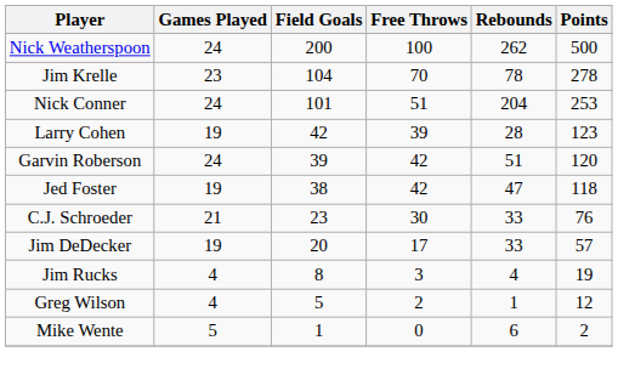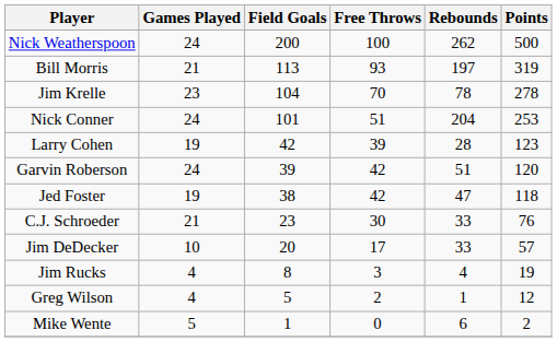 <table class="wikitable sortable">
 <tr>
 <th>Player</th>
 <th>Games Played</th>
 <th>Field Goals</th>
 <th>Free Throws</th>
 <th>Rebounds</th>
 <th>Points</th>
 </tr>
 <tr align="center" bgcolor="">
 <td><a href='#'>Nick Weatherspoon</a></td>
 <td>24</td>
 <td>200</td>
 <td>100</td>
 <td>262</td>
 <td>500</td>
+</tr>
+<tr style="text-align:center;" bgcolor="">
+<td>Bill Morris</td>
+<td>21</td>
+<td>113</td>
+<td>93</td>
+<td>197</td>
+<td>319</td>
 </tr>
 <tr style="text-align:center;" bgcolor="">
 <td>Jim Krelle</td>
 <td>23</td>
 <td>104</td>
 <td>70</td>
 <td>78</td>
 <td>278</td>
 </tr>
 <tr style="text-align:center;" bgcolor="">
 <td>Nick Conner</td>
 <td>24</td>
 <td>101</td>
 <td>51</td>
 <td>204</td>
 <td>253</td>
 </tr>
 <tr style="text-align:center;" bgcolor="">
 <td>Larry Cohen</td>
 <td>19</td>
 <td>42</td>
 <td>39</td>
 <td>28</td>
 <td>123</td>
 </tr>
 <tr style="text-align:center;" bgcolor="">
 <td>Garvin Roberson</td>
 <td>24</td>
 <td>39</td>
 <td>42</td>
 <td>51</td>
 <td>120</td>
 </tr>
 <tr style="text-align:center;" bgcolor="">
 <td>Jed Foster</td>
 <td>19</td>
 <td>38</td>
 <td>42</td>
 <td>47</td>
 <td>118</td>
 </tr>
 <tr style="text-align:center;" bgcolor="">
 <td>C.J. Schroeder</td>
 <td>21</td>
 <td>23</td>
 <td>30</td>
 <td>33</td>
 <td>76</td>
 </tr>
 <tr align="center">
 <td>Jim DeDecker</td>
-<td>19</td>
+<td>10</td>
 <td>20</td>
 <td>17</td>
 <td>33</td>
 <td>57</td>
 </tr>
 <tr align="center">
 <td>Jim Rucks</td>
 <td>4</td>
 <td>8</td>
 <td>3</td>
 <td>4</td>
 <td>19</td>
 </tr>
 <tr align="center">
 <td>Greg Wilson</td>
 <td>4</td>
 <td>5</td>
 <td>2</td>
 <td>1</td>
 <td>12</td>
 </tr>
 <tr align="center">
 <td>Mike Wente</td>
 <td>5</td>
 <td>1</td>
 <td>0</td>
 <td>6</td>
 <td>2</td>
 </tr>
 <tr align="center">
 </tr>
 </table>
